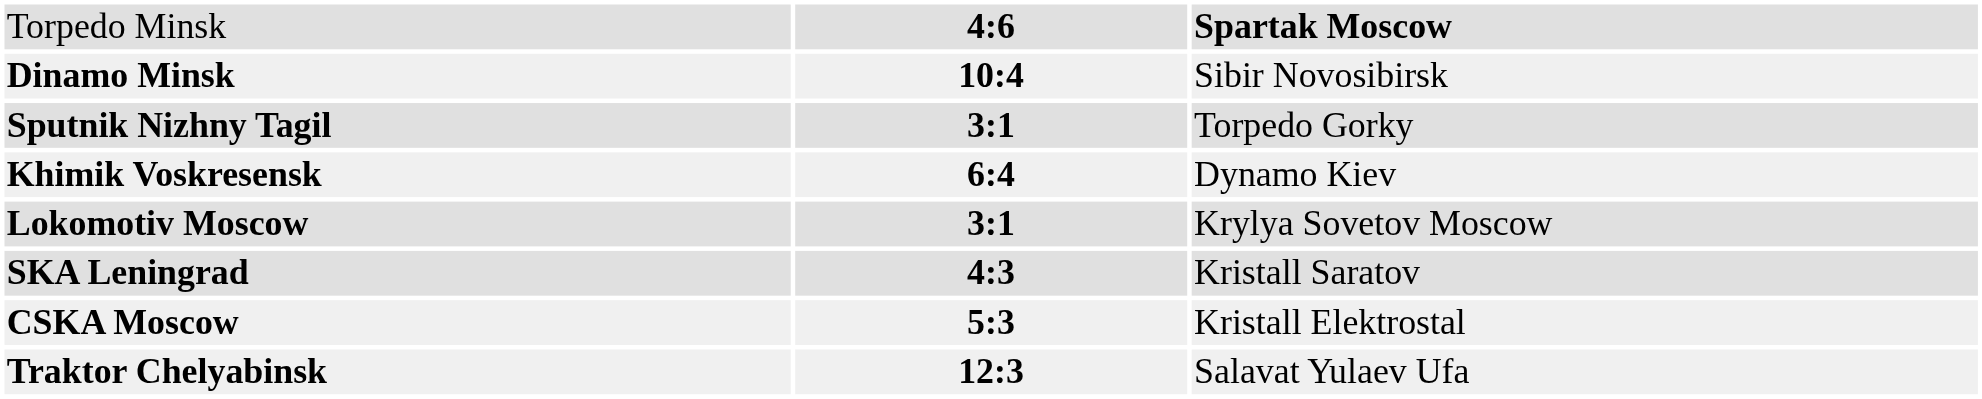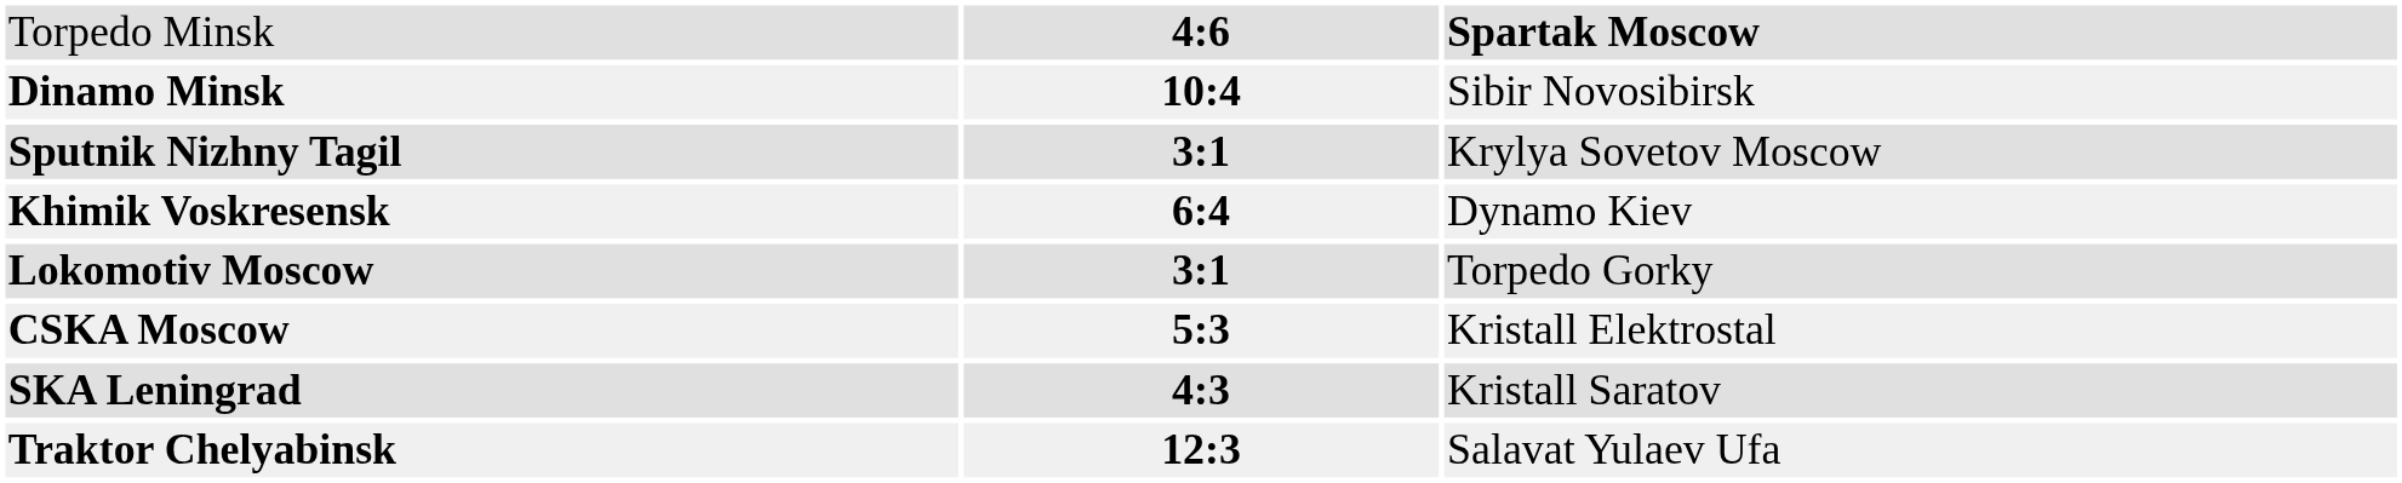 <table width="70%">
 <tr bgcolor="#e0e0e0">
 <td style="width:40%;">Torpedo Minsk</td>
 <th style="width:20%;"><strong>4:6</strong></th>
 <td style="width:40%;"><strong>Spartak Moscow</strong></td>
 </tr>
 <tr bgcolor="#f0f0f0">
 <td><strong>Dinamo Minsk</strong></td>
 <th><strong>10:4</strong></th>
 <td>Sibir Novosibirsk</td>
 </tr>
 <tr bgcolor="#e0e0e0">
 <td><strong>Sputnik Nizhny Tagil</strong></td>
 <th><strong>3:1</strong></th>
-<td>Torpedo Gorky</td>
+<td>Krylya Sovetov Moscow</td>
 </tr>
 <tr bgcolor="#f0f0f0">
 <td><strong>Khimik Voskresensk</strong></td>
 <td align="center"><strong>6:4</strong></td>
 <td>Dynamo Kiev</td>
 </tr>
 <tr bgcolor="#e0e0e0">
 <td><strong>Lokomotiv Moscow</strong></td>
 <th><strong>3:1</strong></th>
-<td>Krylya Sovetov Moscow</td>
+<td>Torpedo Gorky</td>
+</tr>
+<tr bgcolor="#f0f0f0">
+<td><strong>CSKA Moscow</strong></td>
+<td align="center"><strong>5:3</strong></td>
+<td>Kristall Elektrostal</td>
 </tr>
 <tr bgcolor="#e0e0e0">
 <td><strong>SKA Leningrad</strong></td>
 <th><strong>4:3</strong></th>
 <td>Kristall Saratov</td>
 </tr>
 <tr bgcolor="#f0f0f0">
-<td><strong>CSKA Moscow</strong></td>
-<td align="center"><strong>5:3</strong></td>
-<td>Kristall Elektrostal</td>
-</tr>
-<tr bgcolor="#f0f0f0">
 <td><strong>Traktor Chelyabinsk</strong></td>
 <td align="center"><strong>12:3</strong></td>
 <td>Salavat Yulaev Ufa</td>
 </tr>
 </table>
